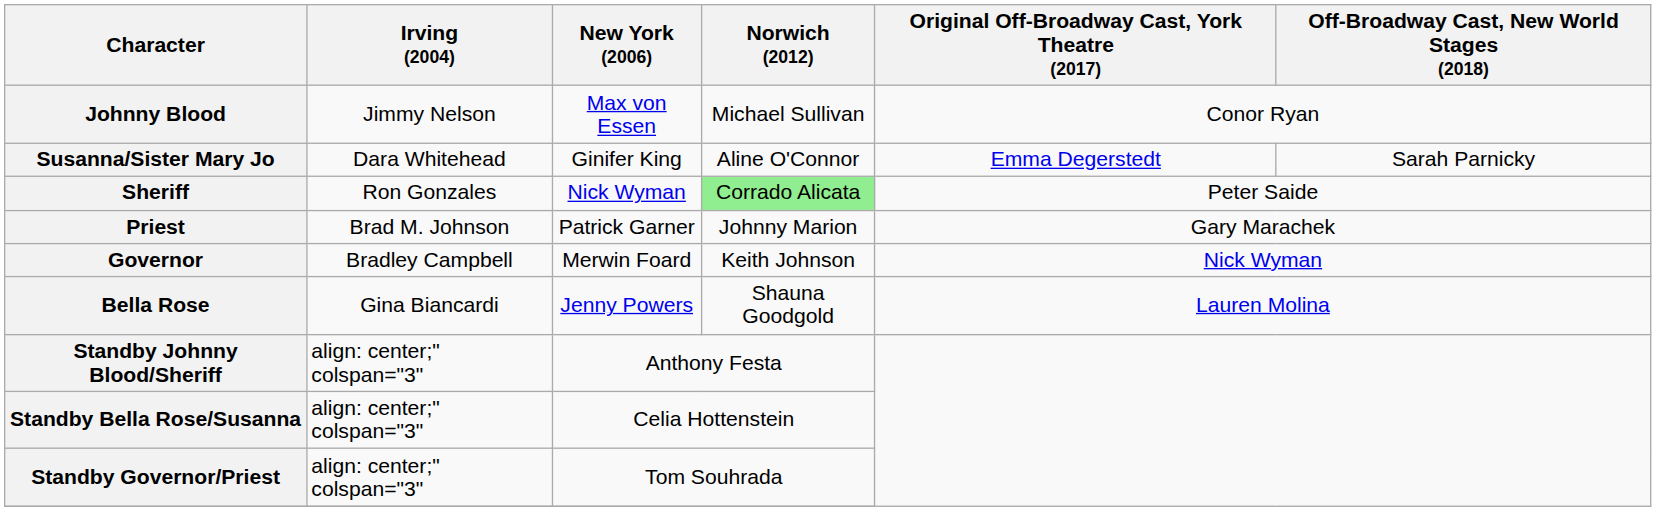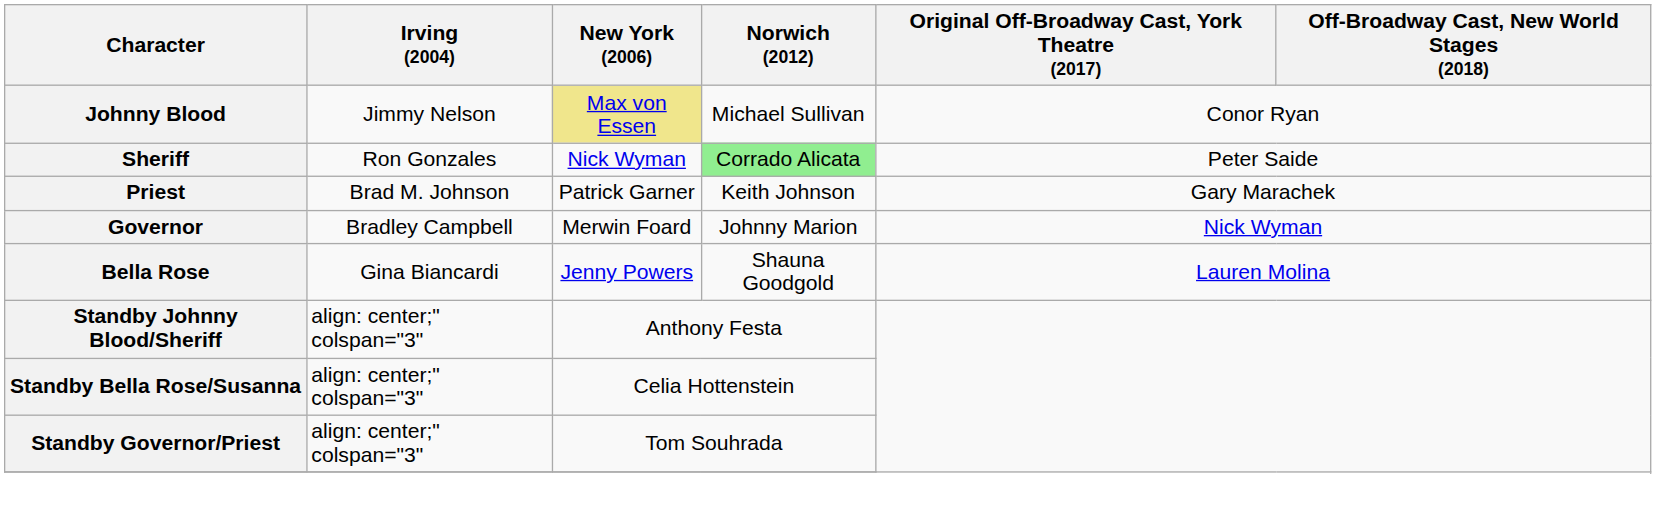 <table class="wikitable" style="width: 1250;">
 <tr>
 <th scope=col>Character</th>
 <th scope=col>Irving<br><small>(2004)</small></th>
 <th scope=col>New York <br><small>(2006)</small></th>
 <th scope=col>Norwich <br><small>(2012)</small></th>
 <th scope=col>Original Off-Broadway Cast, York Theatre <br><small>(2017) </small></th>
 <th>Off-Broadway Cast, New World Stages <br><small>(2018)</small></th>
 </tr>
 <tr>
 <th scope=row>Johnny Blood</th>
 <td align=center>Jimmy Nelson</td>
-<td align=center><a href='#'>Max von Essen</a></td>
+<td align=center style="background: khaki;"><a href='#'>Max von Essen</a></td>
 <td align=center>Michael Sullivan</td>
 <td style="text-align: center;" colspan="2">Conor Ryan</td>
-</tr>
-<tr>
-<th scope=row>Susanna/Sister Mary Jo</th>
-<td align=center>Dara Whitehead</td>
-<td align=center>Ginifer King</td>
-<td align=center>Aline O'Connor</td>
-<td align=center><a href='#'>Emma Degerstedt</a></td>
-<td align=center>Sarah Parnicky</td>
 </tr>
 <tr>
 <th scope=row>Sheriff</th>
 <td align=center>Ron Gonzales</td>
 <td align=center><a href='#'>Nick Wyman</a></td>
 <td align=center style="background: lightgreen;">Corrado Alicata</td>
 <td style="text-align: center;" colspan="2">Peter Saide</td>
 </tr>
 <tr>
 <th scope=row>Priest</th>
 <td align=center>Brad M. Johnson</td>
 <td align=center>Patrick Garner</td>
-<td align=center>Johnny Marion</td>
+<td align=center>Keith Johnson</td>
 <td style="text-align: center;" colspan="2">Gary Marachek</td>
 </tr>
 <tr>
 <th scope=row>Governor</th>
 <td align=center>Bradley Campbell</td>
 <td align=center>Merwin Foard</td>
-<td align=center>Keith Johnson</td>
+<td align=center>Johnny Marion</td>
 <td style="text-align: center;" colspan="2"><a href='#'>Nick Wyman</a></td>
 </tr>
 <tr>
 <th scope=row>Bella Rose</th>
 <td align=center>Gina Biancardi</td>
 <td align=center><a href='#'>Jenny Powers</a></td>
 <td align=center>Shauna Goodgold</td>
 <td style="text-align: center;" colspan="2"><a href='#'>Lauren Molina</a></td>
 </tr>
 <tr>
 <th scope=row>Standby Johnny Blood/Sheriff</th>
 <td>align: center;" colspan="3" </td>
 <td style="text-align: center;" colspan="2">Anthony Festa</td>
 </tr>
 <tr>
 <th scope=row>Standby Bella Rose/Susanna</th>
 <td>align: center;" colspan="3" </td>
 <td style="text-align: center;" colspan="2">Celia Hottenstein</td>
 </tr>
 <tr>
 <th scope=row>Standby Governor/Priest</th>
 <td>align: center;" colspan="3" </td>
 <td style="text-align: center;" colspan="2">Tom Souhrada</td>
 </tr>
 <tr>
 </tr>
 </table>
